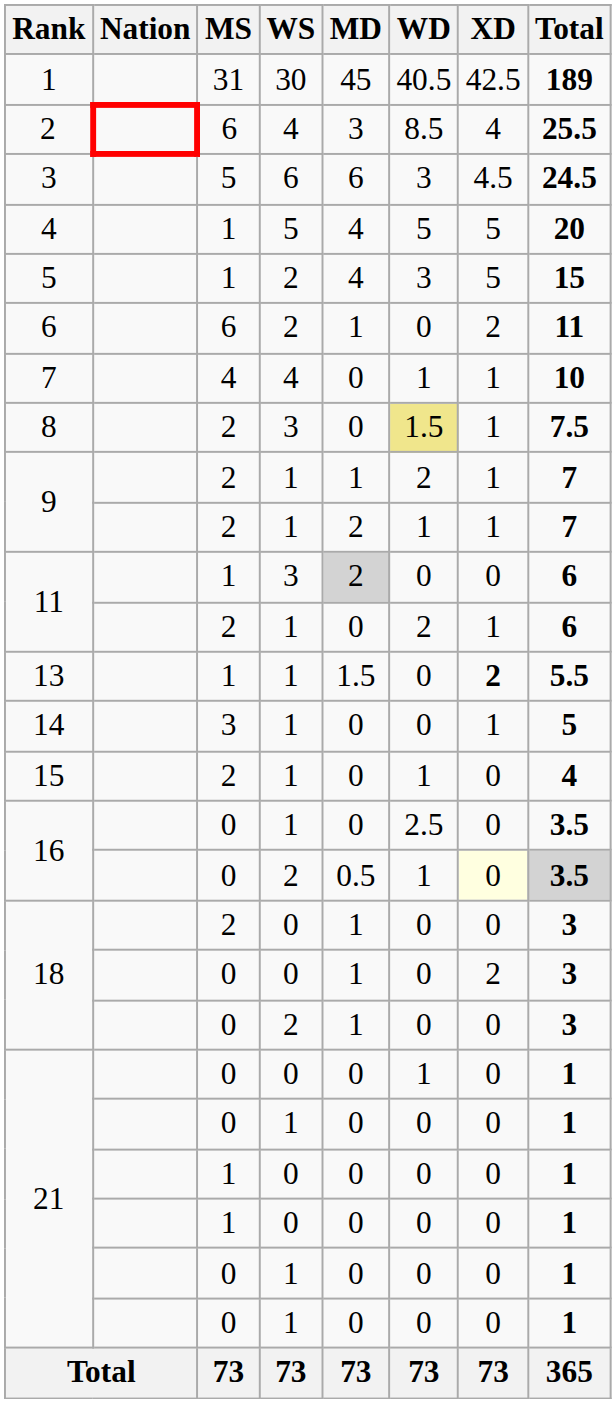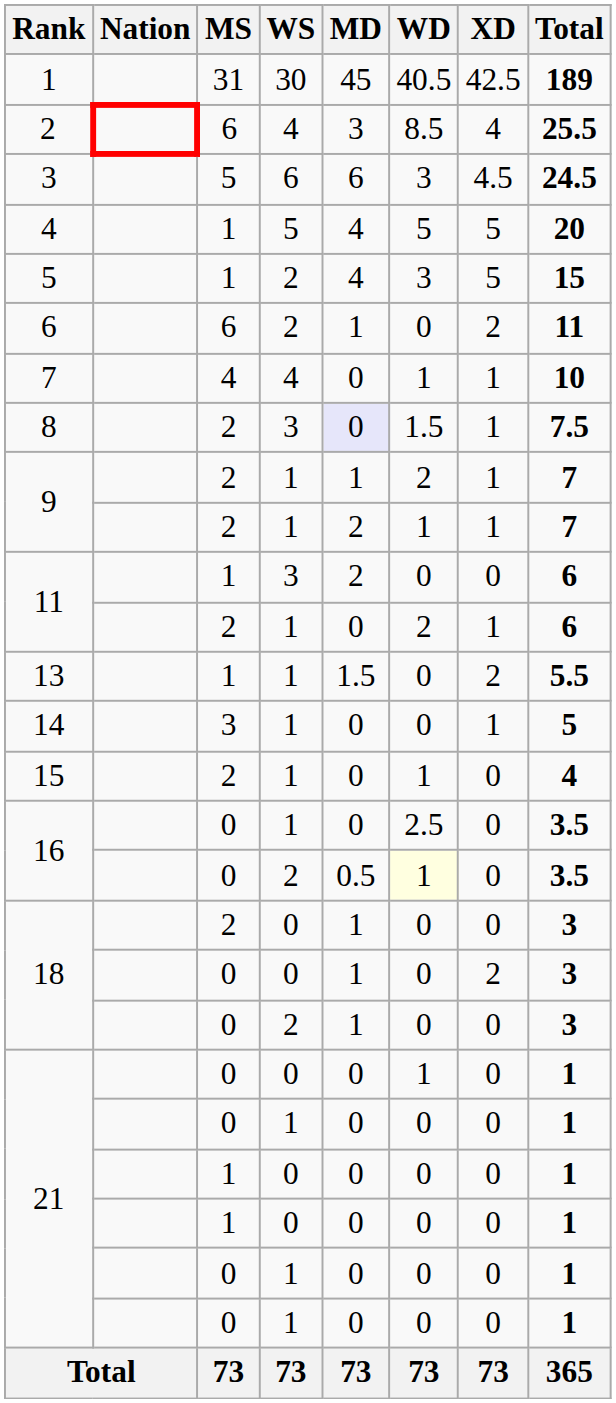 <table class="wikitable" style="text-align:center">
 <tr>
 <th width="20">Rank</th>
 <th>Nation</th>
 <th width="20">MS</th>
 <th width="20">WS</th>
 <th width="20">MD</th>
 <th width="20">WD</th>
 <th width="20">XD</th>
 <th>Total</th>
 </tr>
 <tr align=center>
 <td>1</td>
 <td align=left></td>
 <td>31</td>
 <td>30</td>
 <td>45</td>
 <td>40.5</td>
 <td>42.5</td>
 <td><strong>189</strong></td>
 </tr>
 <tr align=center>
 <td>2</td>
 <td align="left" style="border: 3px solid red"><strong></strong></td>
 <td>6</td>
 <td>4</td>
 <td>3</td>
 <td>8.5</td>
 <td>4</td>
 <td><strong>25.5</strong></td>
 </tr>
 <tr align=center>
 <td>3</td>
 <td align=left></td>
 <td>5</td>
 <td>6</td>
 <td>6</td>
 <td>3</td>
 <td>4.5</td>
 <td><strong>24.5</strong></td>
 </tr>
 <tr align=center>
 <td>4</td>
 <td align=left></td>
 <td>1</td>
 <td>5</td>
 <td>4</td>
 <td>5</td>
 <td>5</td>
 <td><strong>20</strong></td>
 </tr>
 <tr align=center>
 <td>5</td>
 <td align=left></td>
 <td>1</td>
 <td>2</td>
 <td>4</td>
 <td>3</td>
 <td>5</td>
 <td><strong>15</strong></td>
 </tr>
 <tr align=center>
 <td>6</td>
 <td align=left></td>
 <td>6</td>
 <td>2</td>
 <td>1</td>
 <td>0</td>
 <td>2</td>
 <td><strong>11</strong></td>
 </tr>
 <tr align=center>
 <td>7</td>
 <td align=left></td>
 <td>4</td>
 <td>4</td>
 <td>0</td>
 <td>1</td>
 <td>1</td>
 <td><strong>10</strong></td>
 </tr>
 <tr align=center>
 <td>8</td>
 <td align=left></td>
 <td>2</td>
 <td>3</td>
-<td>0</td>
-<td style="background: khaki;">1.5</td>
+<td style="background: lavender;">0</td>
+<td>1.5</td>
 <td>1</td>
 <td><strong>7.5</strong></td>
 </tr>
 <tr align=center>
 <td rowspan=2>9</td>
 <td align=left></td>
 <td>2</td>
 <td>1</td>
 <td>1</td>
 <td>2</td>
 <td>1</td>
 <td><strong>7</strong></td>
 </tr>
 <tr align=center>
 <td align=left></td>
 <td>2</td>
 <td>1</td>
 <td>2</td>
 <td>1</td>
 <td>1</td>
 <td><strong>7</strong></td>
 </tr>
 <tr align=center>
 <td rowspan="2">11</td>
 <td align=left></td>
 <td>1</td>
 <td>3</td>
-<td style="background: lightgrey;">2</td>
+<td>2</td>
 <td>0</td>
 <td>0</td>
 <td><strong>6</strong></td>
 </tr>
 <tr align=center>
 <td align=left><em></em><br></td>
 <td>2</td>
 <td>1</td>
 <td>0</td>
 <td>2</td>
 <td>1</td>
 <td><strong>6</strong></td>
 </tr>
 <tr align=center>
 <td>13</td>
 <td align=left></td>
 <td>1</td>
 <td>1</td>
 <td>1.5</td>
 <td>0</td>
-<td><strong>2</strong></td>
+<td>2</td>
 <td><strong>5.5</strong></td>
 </tr>
 <tr align=center>
 <td>14</td>
 <td align=left></td>
 <td>3</td>
 <td>1</td>
 <td>0</td>
 <td>0</td>
 <td>1</td>
 <td><strong>5</strong></td>
 </tr>
 <tr align=center>
 <td>15</td>
 <td align=left></td>
 <td>2</td>
 <td>1</td>
 <td>0</td>
 <td>1</td>
 <td>0</td>
 <td><strong>4</strong></td>
 </tr>
 <tr align=center>
 <td rowspan="2">16</td>
 <td align=left></td>
 <td>0</td>
 <td>1</td>
 <td>0</td>
 <td>2.5</td>
 <td>0</td>
 <td><strong>3.5</strong></td>
 </tr>
 <tr align=center>
 <td align=left></td>
 <td>0</td>
 <td>2</td>
 <td>0.5</td>
-<td>1</td>
-<td style="background: lightyellow;">0</td>
-<td style="background: lightgrey;"><strong>3.5</strong></td>
+<td style="background: lightyellow;">1</td>
+<td>0</td>
+<td><strong>3.5</strong></td>
 </tr>
 <tr align=center>
 <td rowspan="3">18</td>
 <td align=left></td>
 <td>2</td>
 <td>0</td>
 <td>1</td>
 <td>0</td>
 <td>0</td>
 <td><strong>3</strong></td>
 </tr>
 <tr align=center>
 <td align=left></td>
 <td>0</td>
 <td>0</td>
 <td>1</td>
 <td>0</td>
 <td>2</td>
 <td><strong>3</strong></td>
 </tr>
 <tr align=center>
 <td align=left></td>
 <td>0</td>
 <td>2</td>
 <td>1</td>
 <td>0</td>
 <td>0</td>
 <td><strong>3</strong></td>
 </tr>
 <tr align=center>
 <td rowspan="6">21</td>
 <td align=left></td>
 <td>0</td>
 <td>0</td>
 <td>0</td>
 <td>1</td>
 <td>0</td>
 <td><strong>1</strong></td>
 </tr>
 <tr align=center>
 <td align=left></td>
 <td>0</td>
 <td>1</td>
 <td>0</td>
 <td>0</td>
 <td>0</td>
 <td><strong>1</strong></td>
 </tr>
 <tr align=center>
 <td align=left></td>
 <td>1</td>
 <td>0</td>
 <td>0</td>
 <td>0</td>
 <td>0</td>
 <td><strong>1</strong></td>
 </tr>
 <tr align=center>
 <td align=left></td>
 <td>1</td>
 <td>0</td>
 <td>0</td>
 <td>0</td>
 <td>0</td>
 <td><strong>1</strong></td>
 </tr>
 <tr align=center>
 <td align=left></td>
 <td>0</td>
 <td>1</td>
 <td>0</td>
 <td>0</td>
 <td>0</td>
 <td><strong>1</strong></td>
 </tr>
 <tr align=center>
 <td align=left></td>
 <td>0</td>
 <td>1</td>
 <td>0</td>
 <td>0</td>
 <td>0</td>
 <td><strong>1</strong></td>
 </tr>
 <tr>
 <th colspan=2 align=center><strong>Total</strong></th>
 <th>73</th>
 <th>73</th>
 <th>73</th>
 <th>73</th>
 <th>73</th>
 <th>365</th>
 </tr>
 </table>
